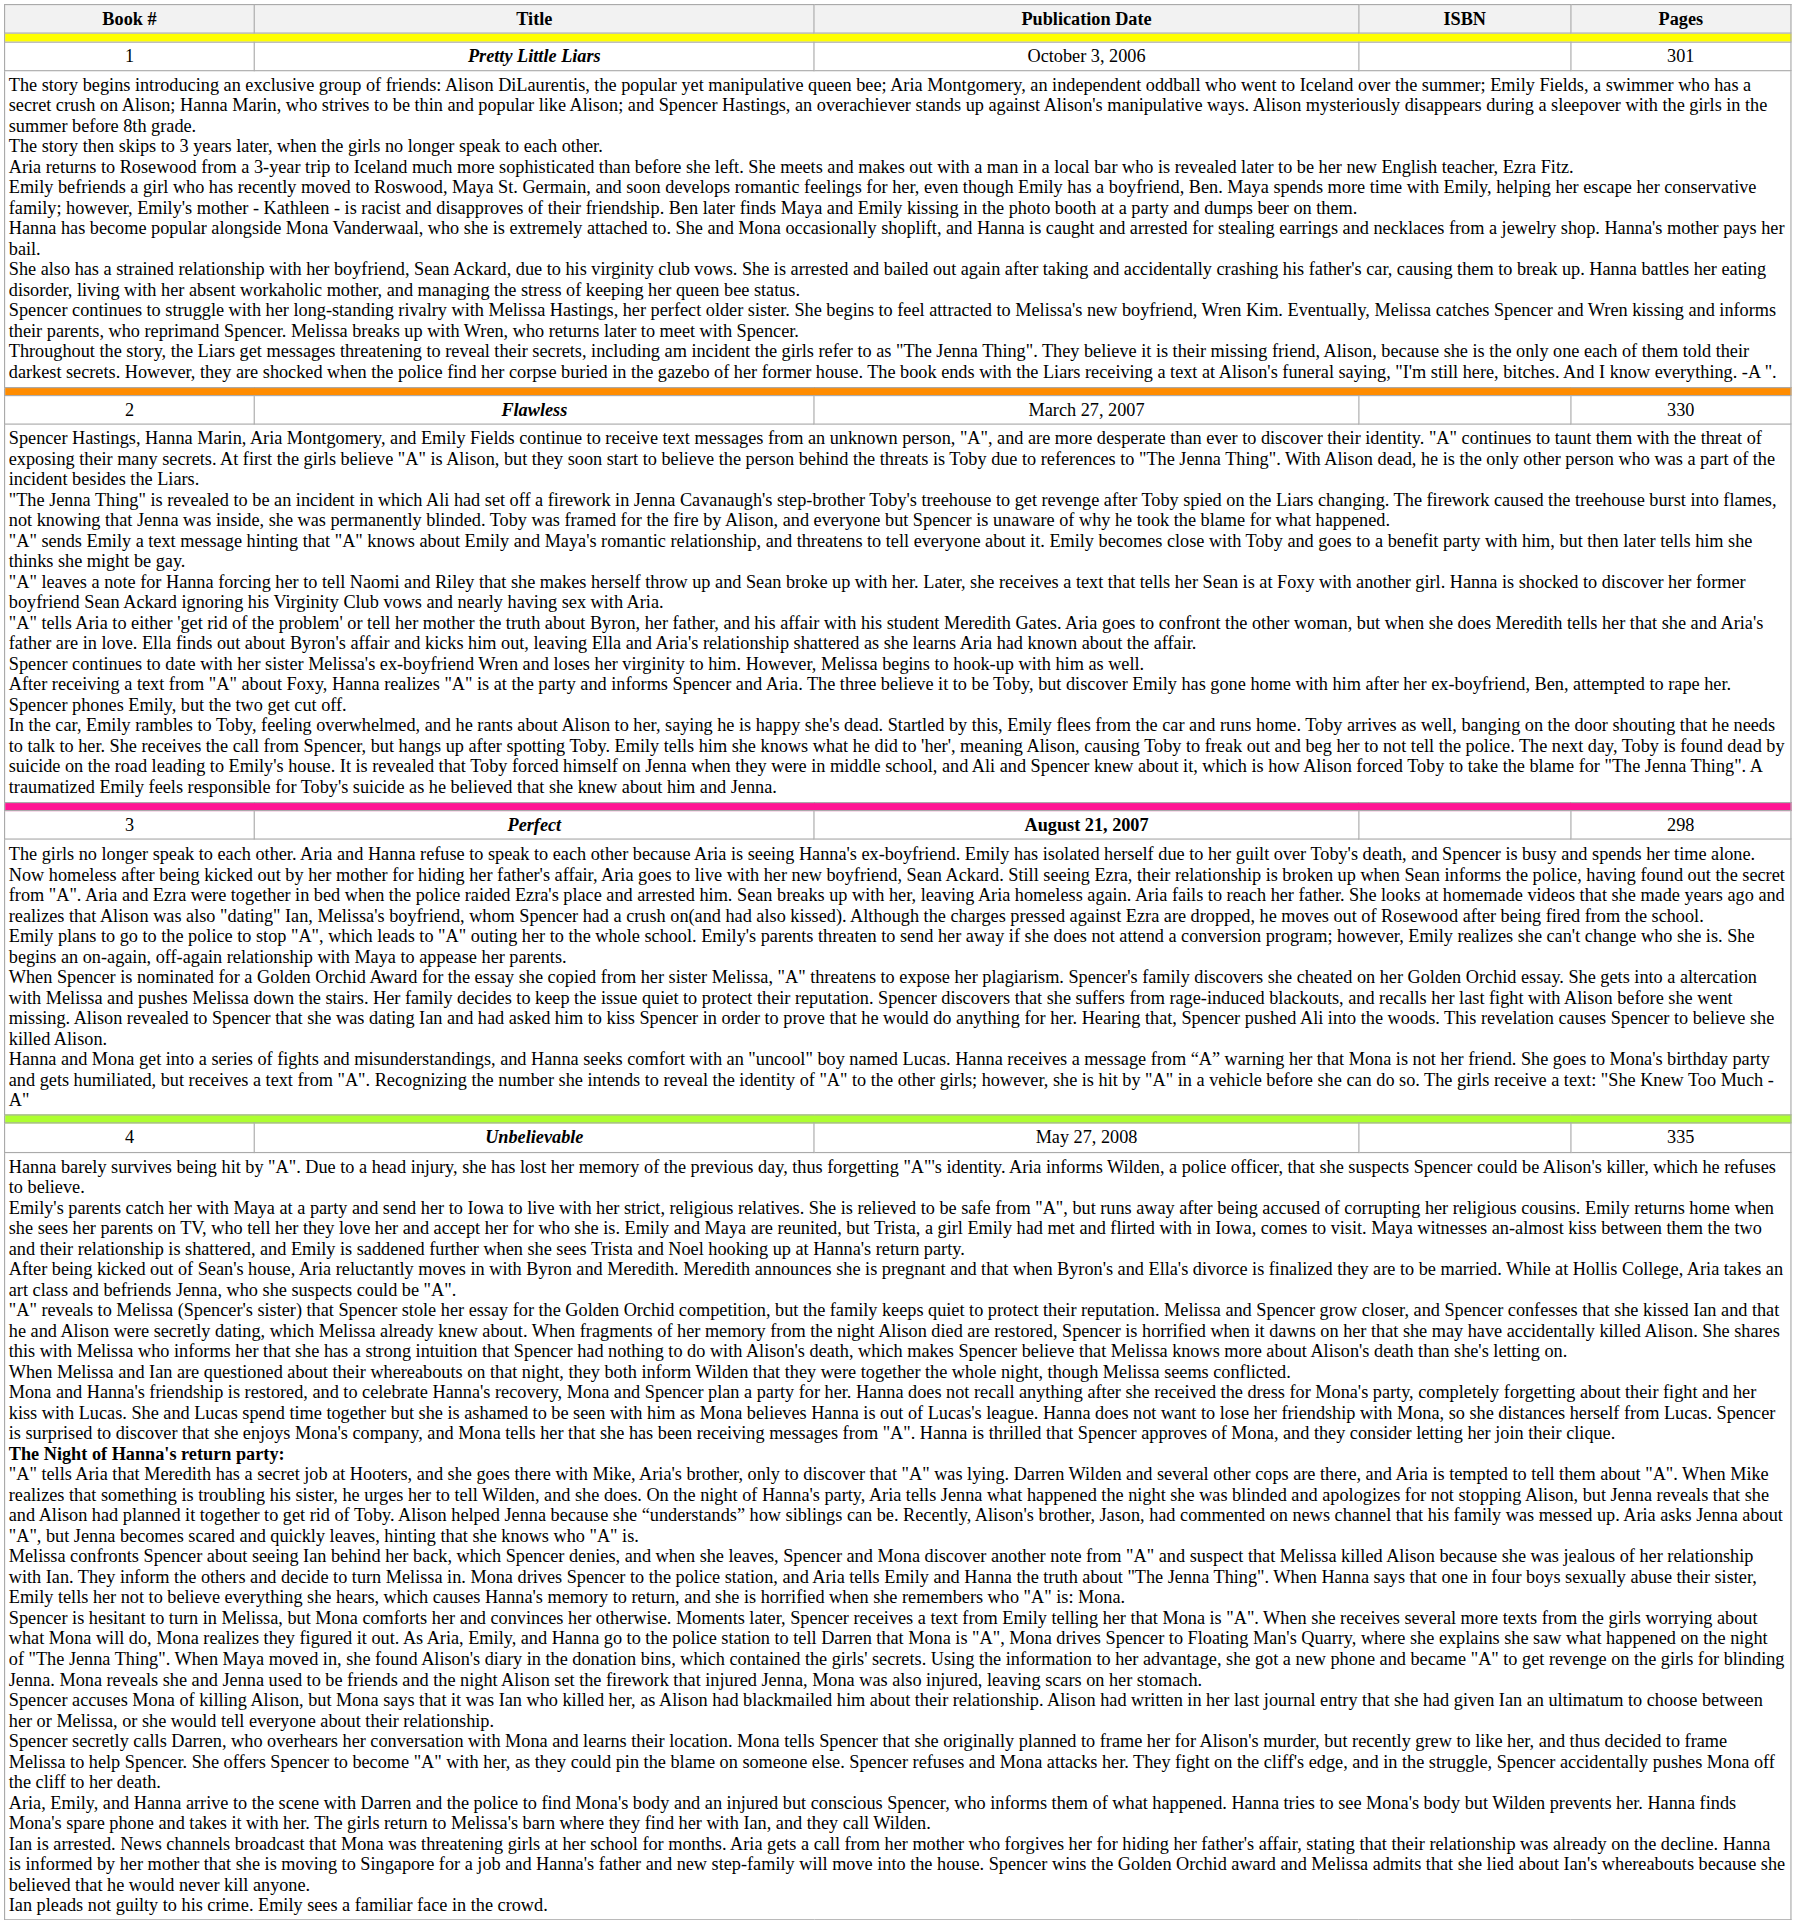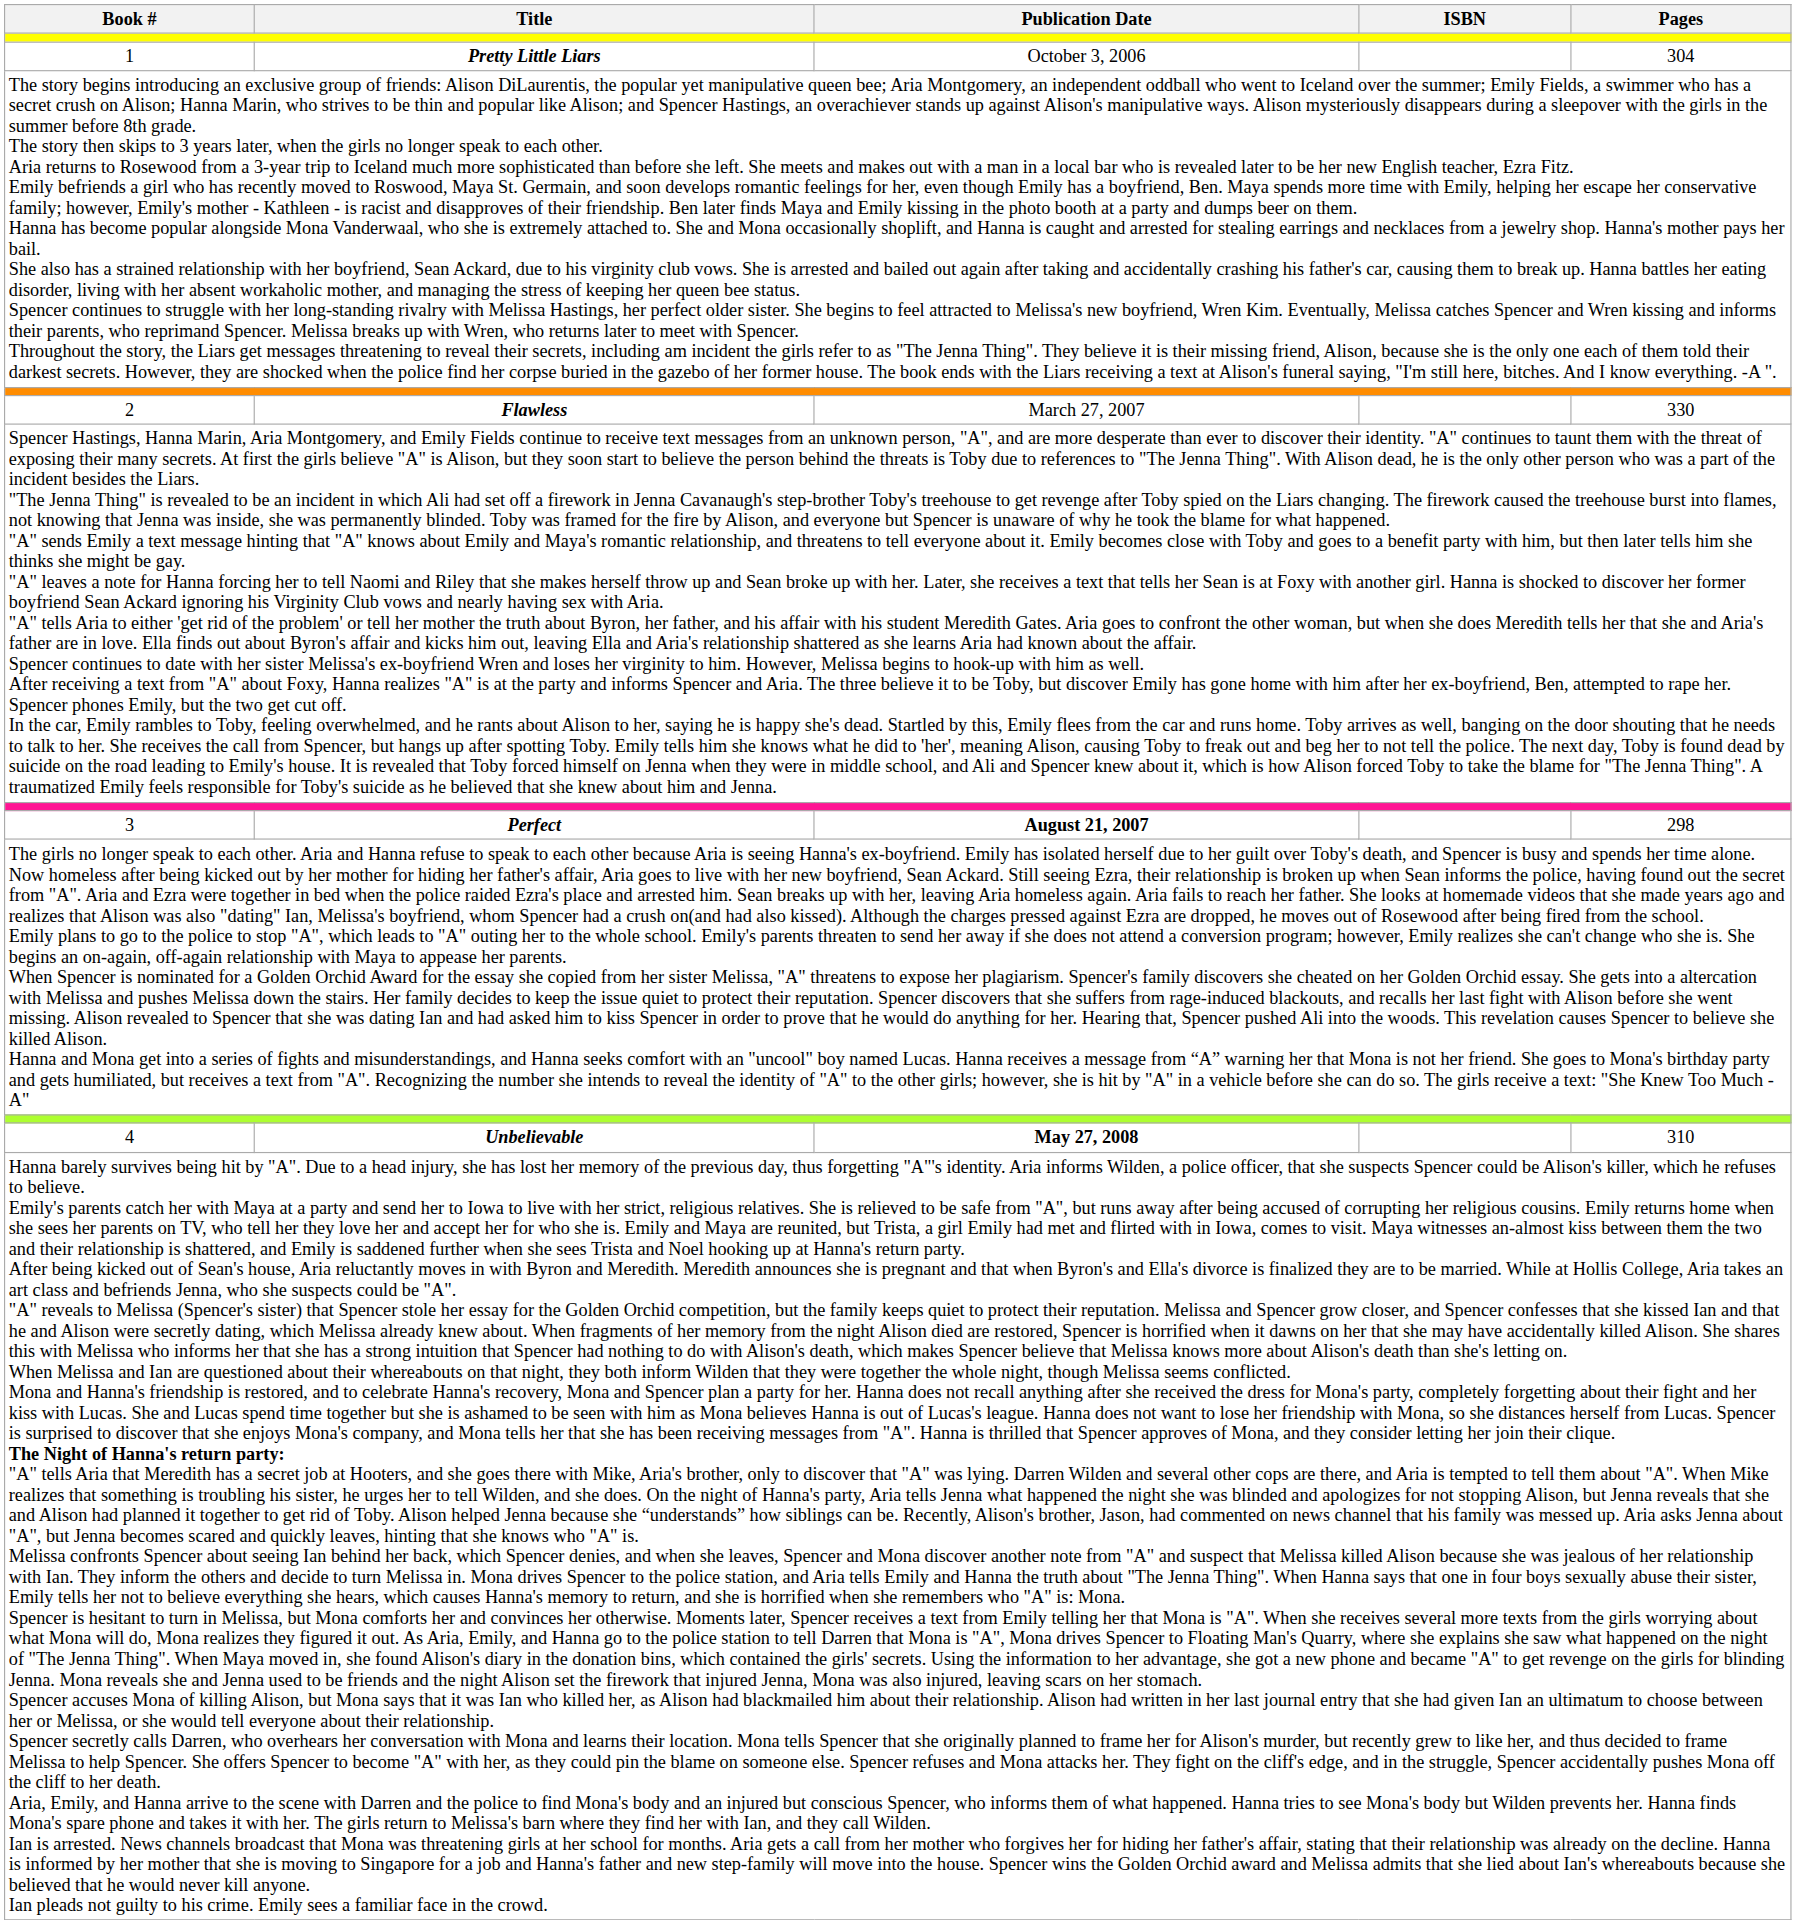 <table class="wikitable" style="background-color:white">
 <tr style="color:black">
 <th>Book #</th>
 <th>Title</th>
 <th>Publication Date</th>
 <th>ISBN</th>
 <th>Pages</th>
 </tr>
 <tr>
 <td colspan="6" bgcolor="FFFF00"></td>
 </tr>
 <tr>
 <td align="center">1</td>
 <td align="center"><strong><em>Pretty Little Liars</em></strong></td>
 <td align="center">October 3, 2006</td>
 <td align="center"></td>
-<td align="center">301</td>
+<td align="center">304</td>
 </tr>
 <tr>
 <td colspan="6">The story begins introducing an exclusive group of friends: Alison DiLaurentis, the popular yet manipulative queen bee; Aria Montgomery, an independent oddball who went to Iceland over the summer; Emily Fields, a swimmer who has a secret crush on Alison; Hanna Marin, who strives to be thin and popular like Alison; and Spencer Hastings, an overachiever stands up against Alison's manipulative ways. Alison mysteriously disappears during a sleepover with the girls in the summer before 8th grade.<br>The story then skips to 3 years later, when the girls no longer speak to each other.<br>Aria returns to Rosewood from a 3-year trip to Iceland much more sophisticated than before she left. She meets and makes out with a man in a local bar who is revealed later to be her new English teacher, Ezra Fitz.<br>Emily befriends a girl who has recently moved to Roswood, Maya St. Germain, and soon develops romantic feelings for her, even though Emily has a boyfriend, Ben. Maya spends more time with Emily, helping her escape her conservative family; however, Emily's mother - Kathleen - is racist and disapproves of their friendship. Ben later finds Maya and Emily kissing in the photo booth at a party and dumps beer on them.<br>Hanna has become popular alongside Mona Vanderwaal, who she is extremely attached to. She and Mona occasionally shoplift, and Hanna is caught and arrested for stealing earrings and necklaces from a jewelry shop. Hanna's mother pays her bail.<br>She also has a strained relationship with her boyfriend, Sean Ackard, due to his virginity club vows. She is arrested and bailed out again after taking and accidentally crashing his father's car, causing them to break up. Hanna battles her eating disorder, living with her absent workaholic mother, and managing the stress of keeping her queen bee status.<br>Spencer continues to struggle with her long-standing rivalry with Melissa Hastings, her perfect older sister. She begins to feel attracted to Melissa's new boyfriend, Wren Kim. Eventually, Melissa catches Spencer and Wren kissing and informs their parents, who reprimand Spencer. Melissa breaks up with Wren, who returns later to meet with Spencer.<br>Throughout the story, the Liars get messages threatening to reveal their secrets, including am incident the girls refer to as "The Jenna Thing". They  believe it is their missing friend, Alison, because she is the only one each of them told their darkest secrets. However, they are shocked when the police find her corpse buried in the gazebo of her former house. The book ends with the Liars receiving a text at Alison's funeral saying, "I'm still here, bitches. And I know everything. -A ".</td>
 </tr>
 <tr>
 <td colspan="6" bgcolor="#FF8C00"></td>
 </tr>
 <tr>
 <td align="center">2</td>
 <td align="center"><strong><em>Flawless</em></strong></td>
 <td align="center">March 27, 2007</td>
 <td align="center"></td>
 <td align="center">330</td>
 </tr>
 <tr>
 <td colspan="6">Spencer Hastings, Hanna Marin, Aria Montgomery, and Emily Fields continue to receive text messages from an unknown person, "A", and are more desperate than ever to discover their identity. "A" continues to taunt them with the threat of exposing their many secrets. At first the girls believe "A" is Alison, but they soon start to believe the person behind the threats is Toby due to references to "The Jenna Thing". With Alison dead, he is the only other person who was a part of the incident besides the Liars.<br>"The Jenna Thing" is revealed to be an incident in which Ali had set off a firework in Jenna Cavanaugh's step-brother Toby's treehouse to get revenge after Toby spied on the Liars changing. The firework caused the treehouse burst into flames, not knowing that Jenna was inside, she was permanently blinded. Toby was framed for the fire by Alison, and everyone but Spencer is unaware of why he took the blame for what happened.<br>"A" sends Emily a text message hinting that "A" knows about Emily and Maya's romantic relationship, and threatens to tell everyone about it. Emily becomes close with Toby and goes to a benefit party with him, but then later tells him  she thinks she might be gay.<br>"A" leaves a note for Hanna forcing her to tell Naomi and Riley that she makes herself throw up and Sean broke up with her. Later, she receives a text that tells her Sean is at Foxy with another girl. Hanna is shocked to discover her former boyfriend Sean Ackard ignoring his Virginity Club vows and nearly having sex with Aria.<br>"A" tells Aria to either 'get rid of the problem' or tell her mother the truth about Byron, her father, and his affair with his student Meredith Gates. Aria goes to confront the other woman, but when she does Meredith tells her that she and Aria's father are in love. Ella finds out about Byron's affair and kicks him out, leaving Ella and Aria's relationship shattered as she learns Aria had known about the affair.<br>Spencer continues to date with her sister Melissa's ex-boyfriend Wren and loses her virginity to him. However, Melissa begins to hook-up with him as well.<br>After receiving a text from "A" about Foxy, Hanna realizes "A" is at the party and informs Spencer and Aria. The three believe it to be Toby, but discover Emily has gone home with him after her ex-boyfriend, Ben, attempted to rape her. Spencer phones Emily, but the two get cut off.<br>In the car, Emily rambles to Toby, feeling overwhelmed, and he rants about Alison to her, saying he is happy she's dead. Startled by this, Emily flees from the car and runs home. Toby arrives as well, banging on the door shouting that he needs to talk to her. She receives the call from Spencer, but hangs up after spotting Toby. Emily tells him she knows what he did to 'her', meaning Alison, causing Toby to freak out and beg her to not tell the police. The next day, Toby is found dead by suicide on the road leading to Emily's house. It is revealed that Toby forced himself on Jenna when they were in middle school, and Ali and Spencer knew about it, which is how Alison forced Toby to take the blame for "The Jenna Thing". A traumatized Emily feels responsible for Toby's suicide as he believed that she knew about him and Jenna.</td>
 </tr>
 <tr>
 <td colspan="6" bgcolor="#FF1493"></td>
 </tr>
 <tr>
 <td align="center">3</td>
 <td align="center"><strong><em>Perfect</em></strong></td>
 <td align="center"><strong>August 21, 2007</strong></td>
 <td align="center"></td>
 <td align="center">298</td>
 </tr>
 <tr>
 <td colspan="6">The girls no longer speak to each other. Aria and Hanna refuse to speak to each other because Aria is seeing Hanna's ex-boyfriend. Emily has isolated herself due to her guilt over Toby's death, and Spencer is busy and spends her time alone.<br>Now homeless after being kicked out by her mother for hiding her father's affair, Aria goes to live with her new boyfriend, Sean Ackard. Still seeing Ezra, their relationship is broken up when Sean informs the police, having found out the secret from "A". Aria and Ezra were together in bed when the police raided Ezra's place and arrested him. Sean breaks up with her, leaving Aria homeless again. Aria fails to reach her father. She looks at homemade videos that she made years ago and realizes that Alison was also "dating" Ian, Melissa's boyfriend, whom Spencer had a crush on(and had also kissed).  Although the charges pressed against Ezra are dropped, he moves out of Rosewood after being fired from the school.<br>Emily plans to go to the police to stop "A", which leads to "A" outing her to the whole school. Emily's parents threaten to send her away if she does not attend a conversion program; however, Emily realizes she can't change who she is. She begins an on-again, off-again relationship with Maya to appease her parents.<br>When Spencer is nominated for a Golden Orchid Award for the essay she copied from her sister Melissa, "A" threatens to expose her plagiarism. Spencer's family discovers she cheated on her Golden Orchid essay. She gets into a altercation with Melissa and pushes Melissa down the stairs. Her family decides to keep the  issue quiet to protect their reputation. Spencer discovers that she suffers from rage-induced blackouts, and recalls her last fight with Alison before she went missing. Alison revealed to Spencer that she was dating Ian and had asked him to kiss Spencer in order to prove that he would do anything for her. Hearing that, Spencer pushed Ali into the woods. This revelation causes Spencer to believe she killed Alison.<br>Hanna and Mona get into a series of fights and misunderstandings, and Hanna seeks comfort with an "uncool" boy named Lucas. Hanna receives a message from “A” warning her that Mona is not her friend. She goes to Mona's birthday party and gets humiliated, but receives a text from "A". Recognizing the number she intends to reveal the identity of "A" to the other girls; however, she is hit by "A" in a vehicle before she can do so. The girls receive a text: "She Knew Too Much -A"</td>
 </tr>
 <tr>
 <td colspan="6" bgcolor="#ADFF2F"></td>
 </tr>
 <tr>
 <td align="center">4</td>
 <td align="center"><strong><em>Unbelievable</em></strong></td>
-<td align="center">May 27, 2008</td>
+<td align="center"><strong>May 27, 2008</strong></td>
 <td align="center"></td>
-<td align="center">335</td>
+<td align="center">310</td>
 </tr>
 <tr>
 <td colspan="6">Hanna barely survives being hit by "A". Due to a head injury, she has lost her memory of the previous day, thus forgetting "A"'s identity. Aria informs Wilden, a police officer, that she suspects Spencer could be Alison's killer, which he refuses to believe.<br>Emily's parents catch her with Maya at a party and send her to Iowa to live with her strict, religious relatives. She is relieved to be safe from "A", but runs away after being accused of corrupting her religious cousins. Emily returns home when she sees her parents on TV, who tell her they love her and accept her for who she is. Emily and Maya are reunited, but Trista, a girl Emily had met and flirted with in Iowa, comes to visit. Maya witnesses an-almost kiss between them the two and their relationship is shattered, and Emily is saddened further when she sees Trista and Noel hooking up at Hanna's return party.<br>After being kicked out of Sean's house, Aria reluctantly moves in with Byron and Meredith. Meredith announces she is pregnant and that when Byron's and Ella's divorce is finalized they are to be married. While at Hollis College, Aria takes an art class and befriends Jenna, who she suspects could be "A".<br>"A" reveals to Melissa (Spencer's sister) that Spencer stole her essay for the Golden Orchid competition, but the family keeps quiet to protect their reputation. Melissa and Spencer grow closer, and Spencer confesses that she kissed Ian and that he and Alison were secretly dating, which Melissa already knew about. When fragments of her memory from the night Alison died are restored, Spencer is horrified when it dawns on her that she may have accidentally killed Alison. She shares this with Melissa who informs her that she has a strong intuition that Spencer had nothing to do with Alison's death, which makes Spencer believe that Melissa knows more about Alison's death than she's letting on.<br>When Melissa and Ian are questioned about their whereabouts on that night, they both inform Wilden that they were together the whole night, though Melissa seems conflicted.<br>Mona and Hanna's friendship is restored, and to celebrate Hanna's recovery, Mona and Spencer plan a party for her. Hanna does not recall anything after she received the dress for Mona's party, completely forgetting about their fight and her kiss with Lucas. She and Lucas spend  time together but she is ashamed to be seen with him as Mona believes Hanna is out of Lucas's league. Hanna does not want to lose her friendship with Mona, so she distances herself from Lucas. Spencer is surprised to discover that she enjoys Mona's company, and Mona tells her that she has been receiving messages from "A". Hanna is thrilled that Spencer approves of Mona, and they consider letting her join their clique.<br><strong>The Night of Hanna's return party:</strong><br>"A" tells Aria that Meredith has a secret job at Hooters, and she goes there with Mike, Aria's brother, only to discover that "A" was lying. Darren Wilden and several other cops are there, and Aria is tempted to tell them about "A". When Mike realizes that something is troubling his sister, he urges her to tell Wilden, and she does. On the night of Hanna's party, Aria tells Jenna what happened the night she was blinded and apologizes for not stopping Alison, but Jenna reveals that she and Alison had planned it together to get rid of Toby. Alison helped Jenna because she “understands” how siblings can be. Recently, Alison's brother, Jason, had commented on news channel that his family was messed up. Aria asks Jenna about "A", but Jenna becomes scared and quickly leaves, hinting that she knows who "A" is.<br>Melissa confronts Spencer about seeing Ian behind her back, which Spencer denies, and when she leaves, Spencer and Mona discover another note from "A" and suspect that Melissa killed Alison because she was jealous of her relationship with Ian. They inform the others and decide to turn Melissa in. Mona drives Spencer to the police station, and Aria tells Emily and Hanna the truth about "The Jenna Thing". When Hanna says that one in four boys sexually abuse their sister, Emily tells her not to believe everything she hears, which causes Hanna's memory to return, and she is horrified when she remembers who "A" is: Mona.<br>Spencer is hesitant to turn in Melissa, but Mona comforts her and convinces her otherwise. Moments later, Spencer receives a text from Emily telling her that Mona is "A". When she receives several more texts from the girls worrying about what Mona will do, Mona realizes  they figured it out. As Aria, Emily, and Hanna go to the police station to tell Darren that Mona is "A", Mona drives Spencer to Floating Man's Quarry, where she explains  she saw what happened on the night of "The Jenna Thing". When Maya moved in, she found Alison's diary in the donation bins, which contained the girls' secrets. Using the information to her advantage, she got a new phone and became "A" to get revenge on the girls for blinding Jenna. Mona reveals she and Jenna used to be friends and the night Alison set the firework that injured Jenna, Mona was also injured, leaving scars on her stomach.<br>Spencer accuses Mona of killing Alison, but Mona says that it was Ian who killed her, as Alison had blackmailed him about their relationship. Alison had written in her last journal entry that she had given Ian an ultimatum to choose between her or Melissa, or she would tell everyone about their relationship.<br>Spencer secretly calls Darren, who overhears her conversation with Mona and learns their location. Mona tells Spencer that she originally planned to frame her for Alison's murder, but recently grew to like her, and thus decided to frame Melissa to help Spencer. She offers Spencer to become "A" with her, as they could pin the blame on someone else. Spencer refuses and Mona attacks her. They fight on the cliff's edge, and in the struggle, Spencer accidentally pushes Mona off the cliff to her death.<br>Aria, Emily, and Hanna arrive to the scene with Darren and the police to find Mona's body and an injured but conscious Spencer, who informs them of what happened. Hanna tries to see Mona's body but Wilden prevents her. Hanna finds Mona's spare phone and takes it with her. The girls return to Melissa's barn where they find her with Ian, and they call Wilden.<br>Ian is arrested. News channels broadcast that Mona was threatening girls at her school for months. Aria gets a call from her mother who forgives her for hiding her father's affair, stating that their relationship was already on the decline. Hanna is informed by her mother that she is moving to Singapore for a job and Hanna's father and new step-family will move into the house. Spencer wins the Golden Orchid award and Melissa admits that she lied about Ian's whereabouts because she believed that he would never kill anyone.<br>Ian pleads not guilty to his crime. Emily sees a familiar face in the crowd.</td>
 </tr>
 </table>
